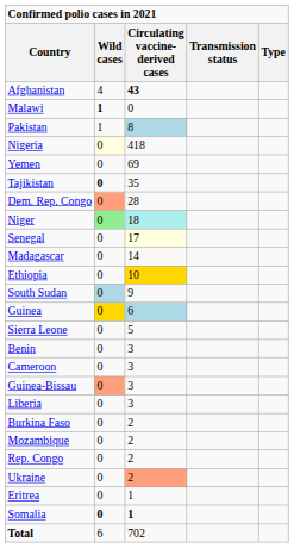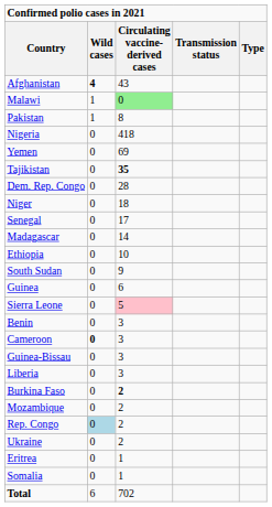 <table class="wikitable sortable mw-collapsible mw-collapsed" font-size:85%; margin-left:15px">
 <tr>
 <td colspan="5"><div><strong>Confirmed polio cases in 2021</strong><br> </div></td>
 </tr>
 <tr>
 <th>Country</th>
 <th>Wild<br>cases</th>
 <th>Circulating<br>vaccine-<br>derived<br>cases</th>
 <th>Transmission<br>status</th>
 <th>Type</th>
 </tr>
 <tr>
 <td><a href='#'>Afghanistan</a></td>
-<td>4</td>
-<td><strong>43</strong></td>
+<td><strong>4</strong></td>
+<td>43</td>
 <td></td>
 <td><br></td>
 </tr>
 <tr>
 <td><a href='#'>Malawi</a></td>
-<td><strong>1</strong></td>
-<td>0</td>
+<td>1</td>
+<td style="background: lightgreen;">0</td>
 <td></td>
 <td></td>
 </tr>
 <tr>
 <td><a href='#'>Pakistan</a></td>
 <td>1</td>
-<td style="background: lightblue;">8</td>
+<td>8</td>
 <td></td>
 <td><br></td>
 </tr>
 <tr>
 <td><a href='#'>Nigeria</a></td>
-<td style="background: lightyellow;">0</td>
+<td>0</td>
 <td>418</td>
 <td></td>
 <td></td>
 </tr>
 <tr>
 <td><a href='#'>Yemen</a></td>
 <td>0</td>
 <td>69</td>
 <td></td>
 <td><br></td>
 </tr>
 <tr>
 <td><a href='#'>Tajikistan</a></td>
-<td><strong>0</strong></td>
-<td>35</td>
+<td>0</td>
+<td><strong>35</strong></td>
 <td></td>
 <td></td>
 </tr>
 <tr>
 <td><a href='#'>Dem. Rep. Congo</a></td>
-<td style="background: lightsalmon;">0</td>
+<td>0</td>
 <td>28</td>
 <td></td>
 <td></td>
 </tr>
 <tr>
 <td><a href='#'>Niger</a></td>
-<td style="background: lightgreen;">0</td>
-<td style="background: paleturquoise;">18</td>
+<td>0</td>
+<td>18</td>
 <td></td>
 <td></td>
 </tr>
 <tr>
 <td><a href='#'>Senegal</a></td>
 <td>0</td>
-<td style="background: lightyellow;">17</td>
+<td>17</td>
 <td></td>
 <td></td>
 </tr>
 <tr>
 <td><a href='#'>Madagascar</a></td>
 <td>0</td>
 <td>14</td>
 <td></td>
 <td></td>
 </tr>
 <tr>
 <td><a href='#'>Ethiopia</a></td>
 <td>0</td>
-<td style="background: gold;">10</td>
+<td>10</td>
 <td></td>
 <td></td>
 </tr>
 <tr>
 <td><a href='#'>South Sudan</a></td>
-<td style="background: lightblue;">0</td>
+<td>0</td>
 <td>9</td>
 <td></td>
 <td></td>
 </tr>
 <tr>
 <td><a href='#'>Guinea</a></td>
-<td style="background: gold;">0</td>
-<td style="background: lightblue;">6</td>
+<td>0</td>
+<td>6</td>
 <td></td>
 <td></td>
 </tr>
 <tr>
 <td><a href='#'>Sierra Leone</a></td>
 <td>0</td>
-<td>5</td>
+<td style="background: pink;">5</td>
 <td></td>
 <td></td>
 </tr>
 <tr>
 <td><a href='#'>Benin</a></td>
 <td>0</td>
 <td>3</td>
 <td></td>
 <td></td>
 </tr>
 <tr>
 <td><a href='#'>Cameroon</a></td>
-<td>0</td>
+<td><strong>0</strong></td>
 <td>3</td>
 <td></td>
 <td></td>
 </tr>
 <tr>
 <td><a href='#'>Guinea-Bissau</a></td>
-<td style="background: lightsalmon;">0</td>
+<td>0</td>
 <td>3</td>
 <td></td>
 <td></td>
 </tr>
 <tr>
 <td><a href='#'>Liberia</a></td>
 <td>0</td>
 <td>3</td>
 <td></td>
 <td></td>
 </tr>
 <tr>
 <td><a href='#'>Burkina Faso</a></td>
 <td>0</td>
-<td>2</td>
+<td><strong>2</strong></td>
 <td></td>
 <td></td>
 </tr>
 <tr>
 <td><a href='#'>Mozambique</a></td>
 <td>0</td>
 <td>2</td>
 <td></td>
 <td></td>
 </tr>
 <tr>
 <td><a href='#'>Rep. Congo</a></td>
-<td>0</td>
+<td style="background: lightblue;">0</td>
 <td>2</td>
 <td></td>
 <td></td>
 </tr>
 <tr>
 <td><a href='#'>Ukraine</a></td>
 <td>0</td>
-<td style="background: lightsalmon;">2</td>
+<td>2</td>
 <td></td>
 <td></td>
 </tr>
 <tr>
 <td><a href='#'>Eritrea</a></td>
 <td>0</td>
 <td>1</td>
 <td></td>
 <td></td>
 </tr>
 <tr>
 <td><a href='#'>Somalia</a></td>
-<td><strong>0</strong></td>
-<td><strong>1</strong></td>
+<td>0</td>
+<td>1</td>
 <td></td>
 <td></td>
 </tr>
 <tr>
 <td><strong>Total</strong></td>
 <td>6</td>
 <td>702</td>
 <td></td>
 <td></td>
 </tr>
 </table>
